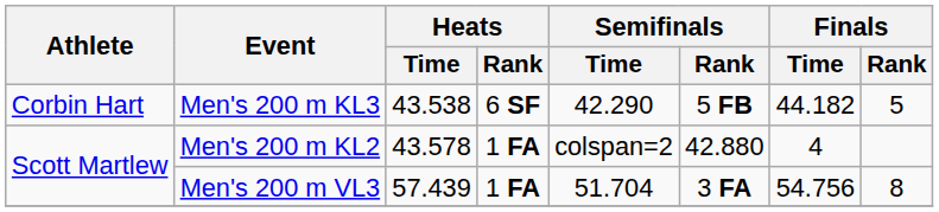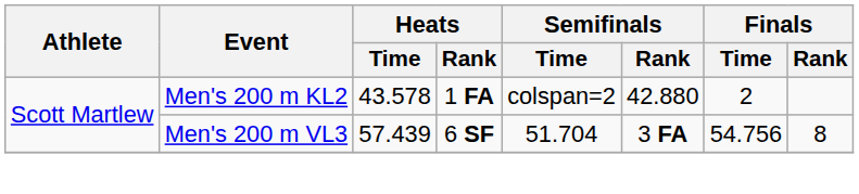 <table class=wikitable style="font-size:90%">
 <tr>
 <th rowspan="2">Athlete</th>
 <th rowspan="2">Event</th>
 <th colspan=2>Heats</th>
 <th colspan=2>Semifinals</th>
 <th colspan=2>Finals</th>
 </tr>
 <tr style="font-size:95%">
 <th>Time</th>
 <th>Rank</th>
 <th>Time</th>
 <th>Rank</th>
 <th>Time</th>
 <th>Rank</th>
 </tr>
 <tr style="text-align:center;">
-<td style="text-align:left;"><a href='#'>Corbin Hart</a></td>
-<td style="text-align:left;"><a href='#'>Men's 200 m KL3</a></td>
-<td>43.538</td>
-<td>6 <strong>SF</strong></td>
-<td>42.290</td>
-<td>5 <strong>FB</strong></td>
-<td>44.182</td>
-<td>5</td>
-</tr>
-<tr style="text-align:center;">
 <td style="text-align:left;" rowspan=2><a href='#'>Scott Martlew</a></td>
 <td style="text-align:left;"><a href='#'>Men's 200 m KL2</a></td>
 <td>43.578</td>
 <td>1 <strong>FA</strong></td>
 <td>colspan=2 </td>
 <td>42.880</td>
-<td>4</td>
+<td>2</td>
 </tr>
 <tr style="text-align:center;">
 <td style="text-align:left;"><a href='#'>Men's 200 m VL3</a></td>
 <td>57.439</td>
-<td>1 <strong>FA</strong></td>
+<td>6 <strong>SF</strong></td>
 <td>51.704</td>
 <td>3 <strong>FA</strong></td>
 <td>54.756</td>
 <td>8</td>
 </tr>
 <tr>
 </tr>
 </table>
